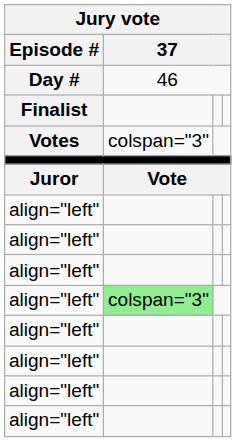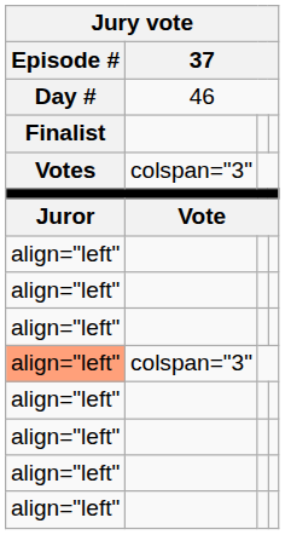 <table class="wikitable nowrap" style="text-align:center; font-size:100%">
 <tr>
 <th colspan="4">Jury vote</th>
 </tr>
 <tr>
 <th>Episode #</th>
 <th colspan="3">37</th>
 </tr>
 <tr>
 <th>Day #</th>
 <td colspan="3">46</td>
 </tr>
 <tr>
 <th>Finalist</th>
 <td></td>
 <td></td>
 <td></td>
 </tr>
 <tr>
 <th>Votes</th>
 <td>colspan="3" </td>
 </tr>
 <tr>
 <th colspan="5" style="background:black;"></th>
 </tr>
 <tr>
 <th>Juror</th>
 <th colspan="4">Vote</th>
 </tr>
 <tr>
 <td>align="left" </td>
 <td></td>
 <td></td>
 <td></td>
 </tr>
 <tr>
 <td>align="left" </td>
 <td></td>
 <td></td>
 <td></td>
 </tr>
 <tr>
 <td>align="left" </td>
 <td></td>
 <td></td>
 <td></td>
 </tr>
 <tr>
-<td>align="left" </td>
-<td style="background: lightgreen;">colspan="3" </td>
+<td style="background: lightsalmon;">align="left" </td>
+<td>colspan="3" </td>
 </tr>
 <tr>
 <td>align="left" </td>
 <td></td>
 <td></td>
 <td></td>
 </tr>
 <tr>
 <td>align="left" </td>
 <td></td>
 <td></td>
 <td></td>
 </tr>
 <tr>
 <td>align="left" </td>
 <td></td>
 <td></td>
 <td></td>
 </tr>
 <tr>
 <td>align="left" </td>
 <td></td>
 <td></td>
 <td></td>
 </tr>
 </table>
